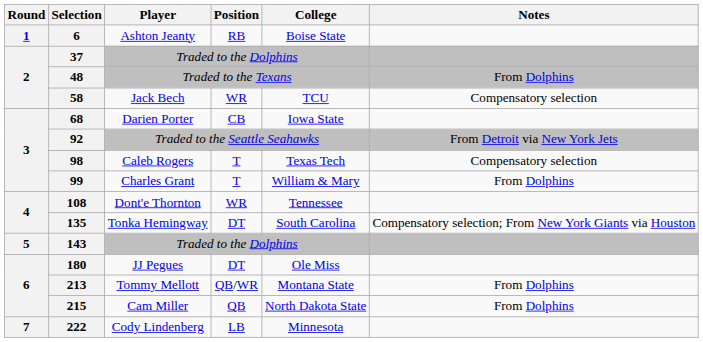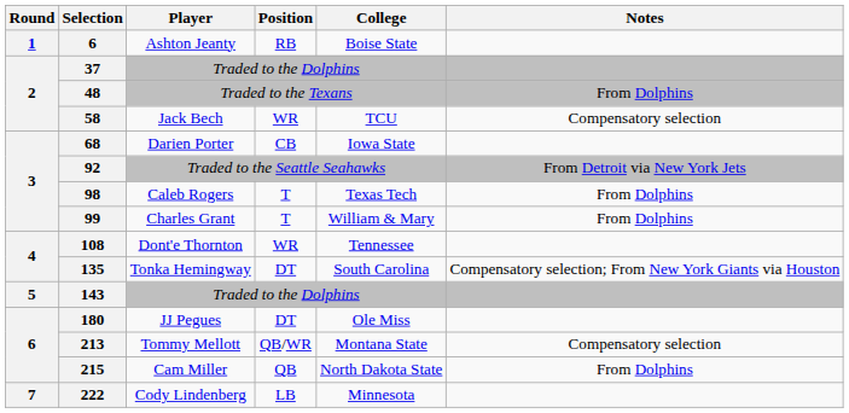 <table class="wikitable" style="text-align:center">
 <tr>
 <th>Round</th>
 <th>Selection</th>
 <th>Player</th>
 <th>Position</th>
 <th>College</th>
 <th>Notes</th>
 </tr>
 <tr>
 <th><a href='#'>1</a></th>
 <th>6</th>
 <td><a href='#'>Ashton Jeanty</a></td>
 <td><a href='#'>RB</a></td>
 <td><a href='#'>Boise State</a></td>
 <td></td>
 </tr>
 <tr>
 <th rowspan=3>2</th>
 <th>37</th>
 <td colspan=3 style="background:#BFBFBF"><em>Traded to the <a href='#'>Dolphins</a></em></td>
 <td style="background:#BFBFBF"></td>
 </tr>
 <tr>
 <th>48</th>
 <td colspan=3 style="background:#BFBFBF"><em>Traded to the <a href='#'>Texans</a></em></td>
 <td style="background:#BFBFBF">From <a href='#'>Dolphins</a></td>
 </tr>
 <tr>
 <th>58</th>
 <td><a href='#'>Jack Bech</a></td>
 <td><a href='#'>WR</a></td>
 <td><a href='#'>TCU</a></td>
 <td>Compensatory selection</td>
 </tr>
 <tr>
 <th rowspan=4>3</th>
 <th>68</th>
 <td><a href='#'>Darien Porter</a></td>
 <td><a href='#'>CB</a></td>
 <td><a href='#'>Iowa State</a></td>
 <td></td>
 </tr>
 <tr>
 <th>92</th>
 <td colspan=3 style="background:#BFBFBF"><em>Traded to the <a href='#'>Seattle Seahawks</a></em></td>
 <td style="background:#BFBFBF">From <a href='#'>Detroit</a> via <a href='#'>New York Jets</a></td>
 </tr>
 <tr>
 <th>98</th>
 <td><a href='#'>Caleb Rogers</a></td>
 <td><a href='#'>T</a></td>
 <td><a href='#'>Texas Tech</a></td>
-<td>Compensatory selection</td>
+<td>From <a href='#'>Dolphins</a></td>
 </tr>
 <tr>
 <th>99</th>
 <td><a href='#'>Charles Grant</a></td>
 <td><a href='#'>T</a></td>
 <td><a href='#'>William & Mary</a></td>
 <td>From <a href='#'>Dolphins</a></td>
 </tr>
 <tr>
 <th rowspan=2>4</th>
 <th>108</th>
 <td><a href='#'>Dont'e Thornton</a></td>
 <td><a href='#'>WR</a></td>
 <td><a href='#'>Tennessee</a></td>
 <td></td>
 </tr>
 <tr>
 <th>135</th>
 <td><a href='#'>Tonka Hemingway</a></td>
 <td><a href='#'>DT</a></td>
 <td><a href='#'>South Carolina</a></td>
 <td>Compensatory selection; From <a href='#'>New York Giants</a> via <a href='#'>Houston</a></td>
 </tr>
 <tr>
 <th>5</th>
 <th>143</th>
 <td colspan=3 style="background:#BFBFBF"><em>Traded to the <a href='#'>Dolphins</a></em></td>
 <td style="background:#BFBFBF"></td>
 </tr>
 <tr>
 <th rowspan="3">6</th>
 <th>180</th>
 <td><a href='#'>JJ Pegues</a></td>
 <td><a href='#'>DT</a></td>
 <td><a href='#'>Ole Miss</a></td>
 <td></td>
 </tr>
 <tr>
 <th>213</th>
 <td><a href='#'>Tommy Mellott</a></td>
 <td><a href='#'>QB</a>/<a href='#'>WR</a></td>
 <td><a href='#'>Montana State</a></td>
-<td>From <a href='#'>Dolphins</a></td>
+<td>Compensatory selection</td>
 </tr>
 <tr>
 <th>215</th>
 <td><a href='#'>Cam Miller</a></td>
 <td><a href='#'>QB</a></td>
 <td><a href='#'>North Dakota State</a></td>
 <td>From <a href='#'>Dolphins</a></td>
 </tr>
 <tr>
 <th>7</th>
 <th>222</th>
 <td><a href='#'>Cody Lindenberg</a></td>
 <td><a href='#'>LB</a></td>
 <td><a href='#'>Minnesota</a></td>
 <td></td>
 </tr>
 </table>
